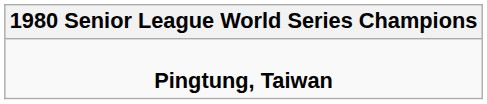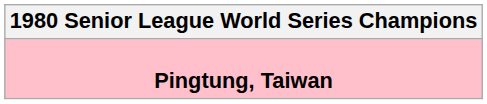 <table class="wikitable" style="text-align: center; margin: 0 auto;">
 <tr>
 <th>1980 Senior League World Series Champions</th>
 </tr>
 <tr>
-<td><br><strong>Pingtung, Taiwan</strong></td>
+<td style="background: pink;"><br><strong>Pingtung, Taiwan</strong></td>
 </tr>
 </table>
